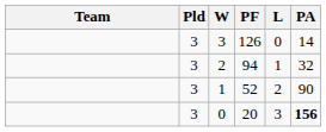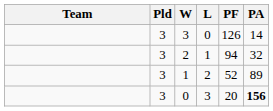 <table class="wikitable" style="text-align:center;">
 <tr>
 <th width=175>Team</th>
 <th width=20 abbr="Played">Pld</th>
 <th width=20 abbr="Won">W</th>
+<th width=20 abbr="Lost">L</th>
 <th width=20 abbr="Goals for">PF</th>
-<th width=20 abbr="Lost">L</th>
 <th width=20 abbr="Goals against">PA<br></th>
 </tr>
 <tr>
 <td style="text-align:left;"></td>
 <td>3</td>
 <td>3</td>
+<td>0</td>
 <td>126</td>
-<td>0</td>
 <td>14</td>
 </tr>
 <tr>
 <td style="text-align:left;"></td>
 <td>3</td>
 <td>2</td>
+<td>1</td>
 <td>94</td>
-<td>1</td>
 <td>32</td>
 </tr>
 <tr>
 <td style="text-align:left;"></td>
 <td>3</td>
 <td>1</td>
+<td>2</td>
 <td>52</td>
-<td>2</td>
-<td>90</td>
+<td>89</td>
 </tr>
 <tr>
 <td style="text-align:left;"></td>
 <td>3</td>
 <td>0</td>
+<td>3</td>
 <td>20</td>
-<td>3</td>
 <td><strong>156</strong></td>
 </tr>
 </table>
